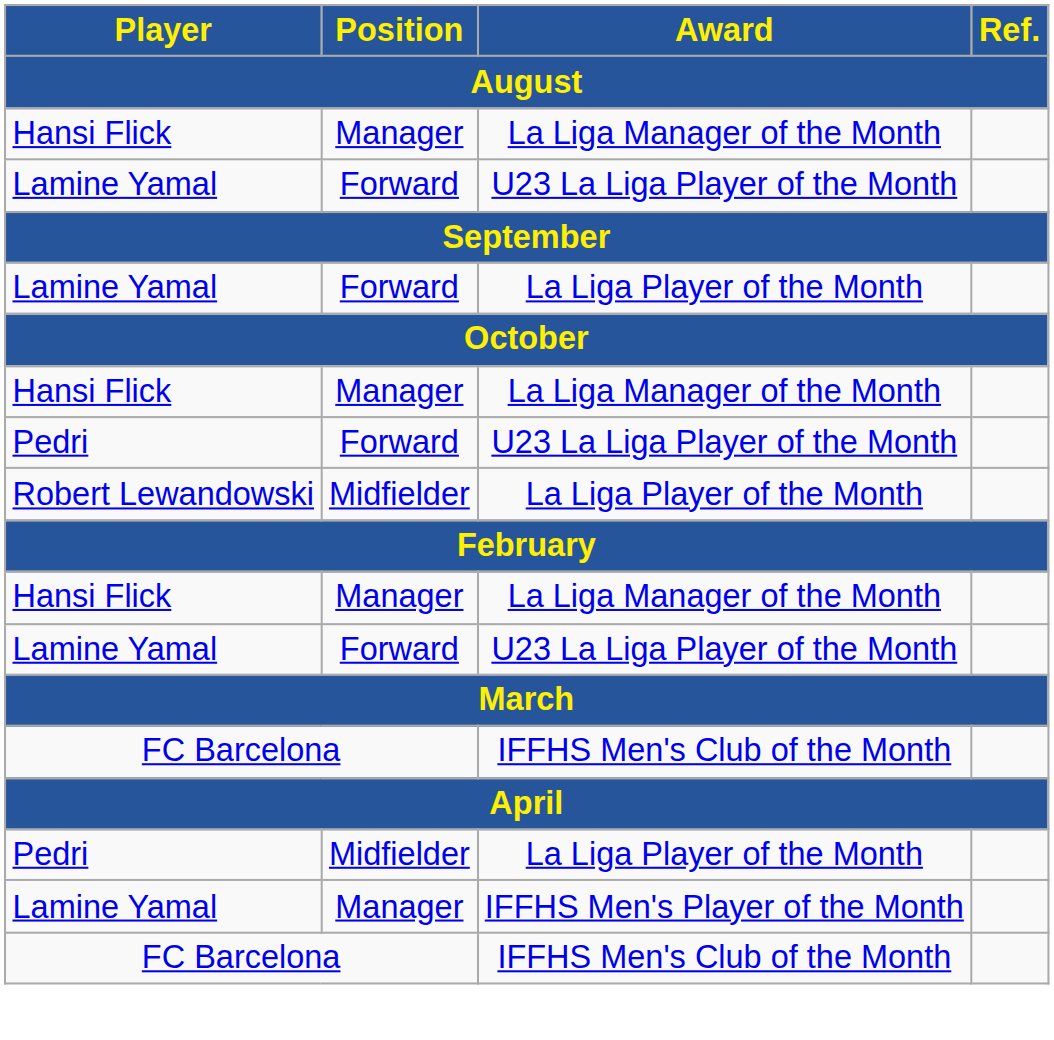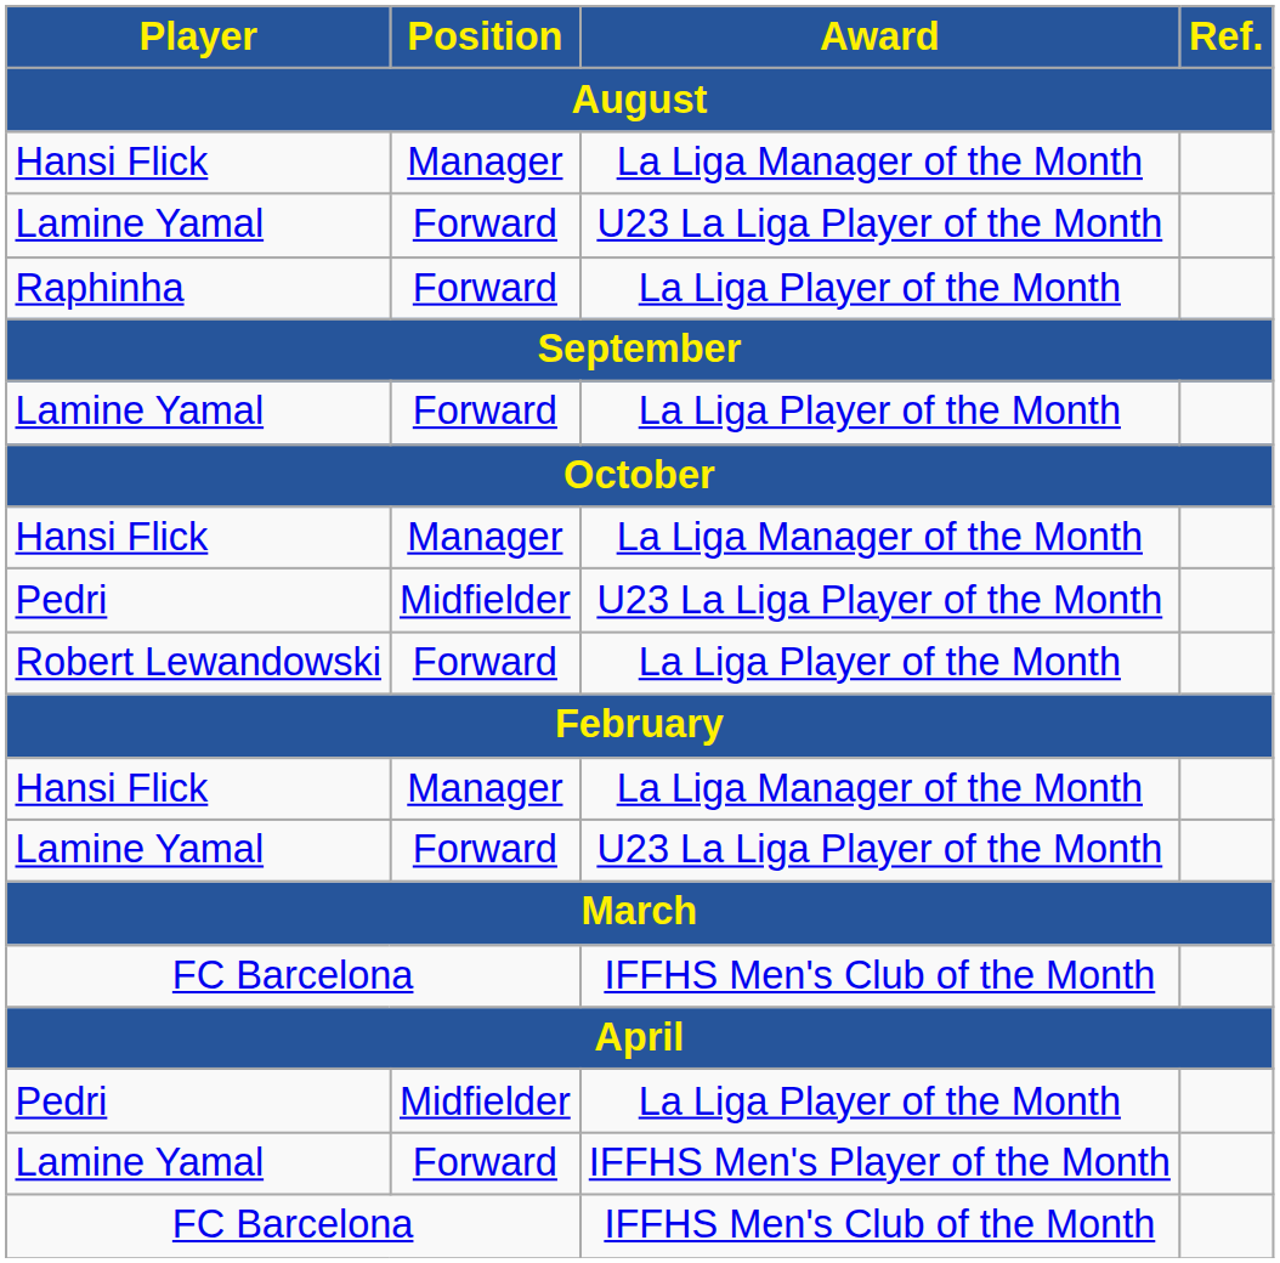 <table class="wikitable">
 <tr>
 <th style="background:#26559B;color:#FFF000;">Player</th>
 <th style="background:#26559B;color:#FFF000;">Position</th>
 <th style="background:#26559B;color:#FFF000;">Award</th>
 <th style="background:#26559B;color:#FFF000;">Ref.</th>
 </tr>
 <tr>
 <th colspan=4 style="background:#26559B;color:#FFF000;">August</th>
 </tr>
 <tr>
 <td> <a href='#'>Hansi Flick</a></td>
 <td style="text-align:center"><a href='#'>Manager</a></td>
 <td style="text-align:center"><a href='#'>La Liga Manager of the Month</a></td>
 <td style="text-align:center"></td>
 </tr>
 <tr>
 <td> <a href='#'>Lamine Yamal</a></td>
 <td style="text-align:center"><a href='#'>Forward</a></td>
 <td style="text-align:center"><a href='#'>U23 La Liga Player of the Month</a></td>
 <td style="text-align:center"></td>
 </tr>
 <tr>
+<td> <a href='#'>Raphinha</a></td>
+<td style="text-align:center"><a href='#'>Forward</a></td>
+<td style="text-align:center"><a href='#'>La Liga Player of the Month</a></td>
+<td style="text-align:center"></td>
+</tr>
+<tr>
 <th colspan=4 style="background:#26559B;color:#FFF000;">September</th>
 </tr>
 <tr>
 <td> <a href='#'>Lamine Yamal</a></td>
 <td style="text-align:center"><a href='#'>Forward</a></td>
 <td style="text-align:center"><a href='#'>La Liga Player of the Month</a></td>
 <td style="text-align:center"></td>
 </tr>
 <tr>
 <th colspan=4 style="background:#26559B;color:#FFF000;">October</th>
 </tr>
 <tr>
 <td> <a href='#'>Hansi Flick</a></td>
 <td style="text-align:center"><a href='#'>Manager</a></td>
 <td style="text-align:center"><a href='#'>La Liga Manager of the Month</a></td>
 <td style="text-align:center"></td>
 </tr>
 <tr>
 <td> <a href='#'>Pedri</a></td>
-<td style="text-align:center"><a href='#'>Forward</a></td>
+<td style="text-align:center"><a href='#'>Midfielder</a></td>
 <td style="text-align:center"><a href='#'>U23 La Liga Player of the Month</a></td>
 <td style="text-align:center"></td>
 </tr>
 <tr>
 <td> <a href='#'>Robert Lewandowski</a></td>
-<td style="text-align:center"><a href='#'>Midfielder</a></td>
+<td style="text-align:center"><a href='#'>Forward</a></td>
 <td style="text-align:center"><a href='#'>La Liga Player of the Month</a></td>
 <td style="text-align:center"></td>
 </tr>
 <tr>
 <th colspan=4 style="background:#26559B;color:#FFF000;">February</th>
 </tr>
 <tr>
 <td> <a href='#'>Hansi Flick</a></td>
 <td style="text-align:center"><a href='#'>Manager</a></td>
 <td style="text-align:center"><a href='#'>La Liga Manager of the Month</a></td>
 <td style="text-align:center"></td>
 </tr>
 <tr>
 <td> <a href='#'>Lamine Yamal</a></td>
 <td style="text-align:center"><a href='#'>Forward</a></td>
 <td style="text-align:center"><a href='#'>U23 La Liga Player of the Month</a></td>
 <td style="text-align:center"></td>
 </tr>
 <tr>
 <th colspan=4 style="background:#26559B;color:#FFF000;">March</th>
 </tr>
 <tr>
 <td colspan="2" align="center"><a href='#'>FC Barcelona</a></td>
 <td style="text-align:center"><a href='#'>IFFHS Men's Club of the Month</a></td>
 <td style="text-align:center"></td>
 </tr>
 <tr>
 <th colspan=4 style="background:#26559B;color:#FFF000;">April</th>
 </tr>
 <tr>
 <td> <a href='#'>Pedri</a></td>
 <td style="text-align:center"><a href='#'>Midfielder</a></td>
 <td style="text-align:center"><a href='#'>La Liga Player of the Month</a></td>
 <td style="text-align:center"></td>
 </tr>
 <tr>
 <td> <a href='#'>Lamine Yamal</a></td>
-<td style="text-align:center"><a href='#'>Manager</a></td>
+<td style="text-align:center"><a href='#'>Forward</a></td>
 <td style="text-align:center"><a href='#'>IFFHS Men's Player of the Month</a></td>
 <td style="text-align:center"></td>
 </tr>
 <tr>
 <td colspan="2" align="center"><a href='#'>FC Barcelona</a></td>
 <td style="text-align:center"><a href='#'>IFFHS Men's Club of the Month</a></td>
 <td style="text-align:center"></td>
 </tr>
 </table>
